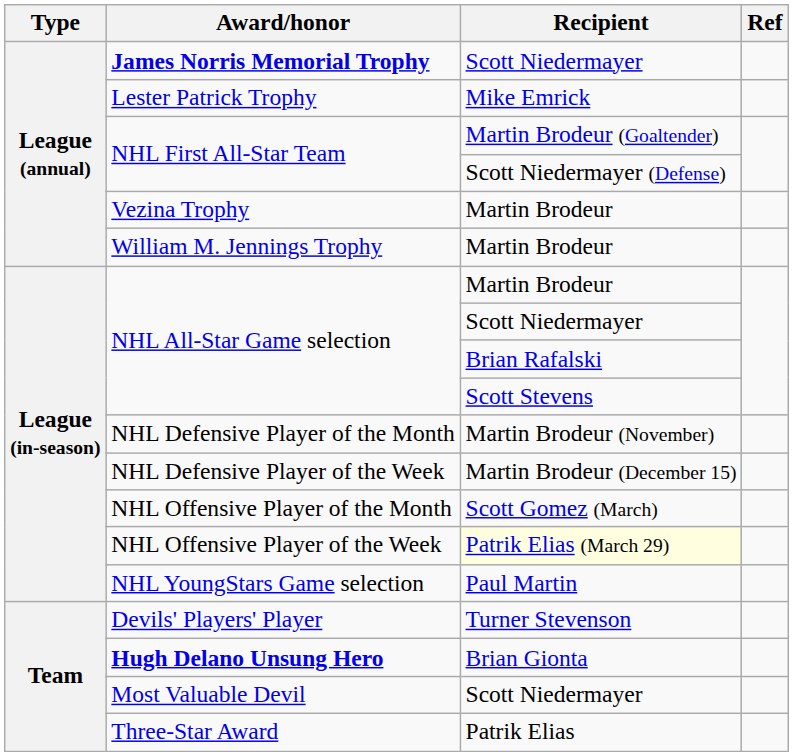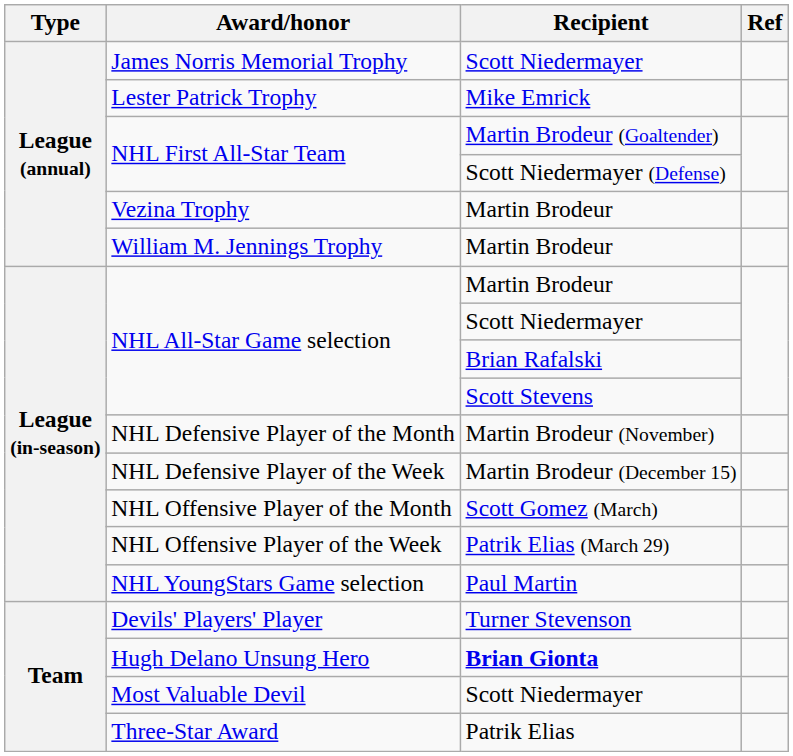 <table class="wikitable">
 <tr>
 <th scope="col">Type</th>
 <th scope="col">Award/honor</th>
 <th scope="col">Recipient</th>
 <th scope="col">Ref</th>
 </tr>
 <tr>
 <th scope="row" rowspan="6">League<br><small>(annual)</small></th>
-<td><strong><a href='#'>James Norris Memorial Trophy</a></strong></td>
+<td><a href='#'>James Norris Memorial Trophy</a></td>
 <td><a href='#'>Scott Niedermayer</a></td>
 <td></td>
 </tr>
 <tr>
 <td><a href='#'>Lester Patrick Trophy</a></td>
 <td><a href='#'>Mike Emrick</a></td>
 <td></td>
 </tr>
 <tr>
 <td rowspan="2"><a href='#'>NHL First All-Star Team</a></td>
 <td><a href='#'>Martin Brodeur</a> <small>(<a href='#'>Goaltender</a>)</small></td>
 <td rowspan="2"></td>
 </tr>
 <tr>
 <td>Scott Niedermayer <small>(<a href='#'>Defense</a>)</small></td>
 </tr>
 <tr>
 <td><a href='#'>Vezina Trophy</a></td>
 <td>Martin Brodeur</td>
 <td></td>
 </tr>
 <tr>
 <td><a href='#'>William M. Jennings Trophy</a></td>
 <td>Martin Brodeur</td>
 <td></td>
 </tr>
 <tr>
 <th scope="row" rowspan="9">League<br><small>(in-season)</small></th>
 <td rowspan="4"><a href='#'>NHL All-Star Game</a> selection</td>
 <td>Martin Brodeur</td>
 <td rowspan="4"></td>
 </tr>
 <tr>
 <td>Scott Niedermayer</td>
 </tr>
 <tr>
 <td><a href='#'>Brian Rafalski</a></td>
 </tr>
 <tr>
 <td><a href='#'>Scott Stevens</a></td>
 </tr>
 <tr>
 <td>NHL Defensive Player of the Month</td>
 <td>Martin Brodeur <small>(November)</small></td>
 <td></td>
 </tr>
 <tr>
 <td>NHL Defensive Player of the Week</td>
 <td>Martin Brodeur <small>(December 15)</small></td>
 <td></td>
 </tr>
 <tr>
 <td>NHL Offensive Player of the Month</td>
 <td><a href='#'>Scott Gomez</a> <small>(March)</small></td>
 <td></td>
 </tr>
 <tr>
 <td>NHL Offensive Player of the Week</td>
-<td style="background: lightyellow;"><a href='#'>Patrik Elias</a> <small>(March 29)</small></td>
+<td><a href='#'>Patrik Elias</a> <small>(March 29)</small></td>
 <td></td>
 </tr>
 <tr>
 <td><a href='#'>NHL YoungStars Game</a> selection</td>
 <td><a href='#'>Paul Martin</a></td>
 <td></td>
 </tr>
 <tr>
 <th scope="row" rowspan="5">Team</th>
 <td><a href='#'>Devils' Players' Player</a></td>
 <td><a href='#'>Turner Stevenson</a></td>
 <td></td>
 </tr>
 <tr>
-<td><strong><a href='#'>Hugh Delano Unsung Hero</a></strong></td>
-<td><a href='#'>Brian Gionta</a></td>
+<td><a href='#'>Hugh Delano Unsung Hero</a></td>
+<td><strong><a href='#'>Brian Gionta</a></strong></td>
 <td></td>
 </tr>
 <tr>
 <td><a href='#'>Most Valuable Devil</a></td>
 <td>Scott Niedermayer</td>
 <td></td>
 </tr>
 <tr>
 <td><a href='#'>Three-Star Award</a></td>
 <td>Patrik Elias</td>
 <td></td>
 </tr>
 </table>
